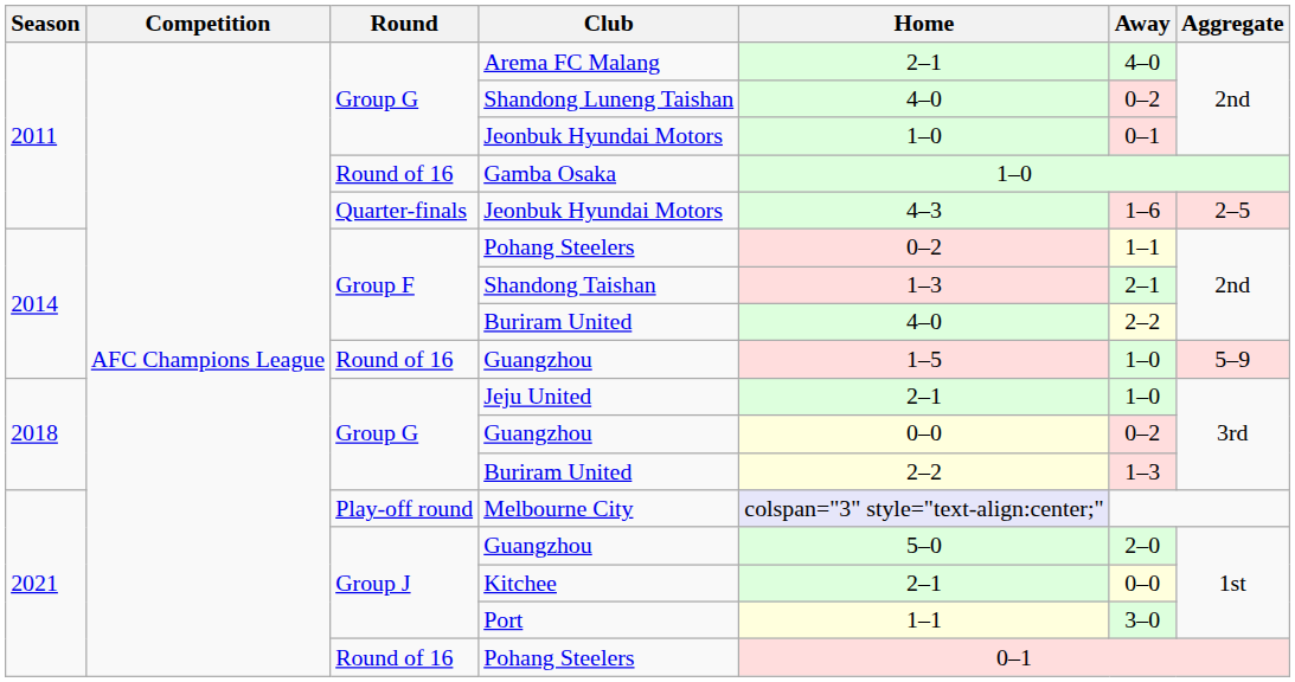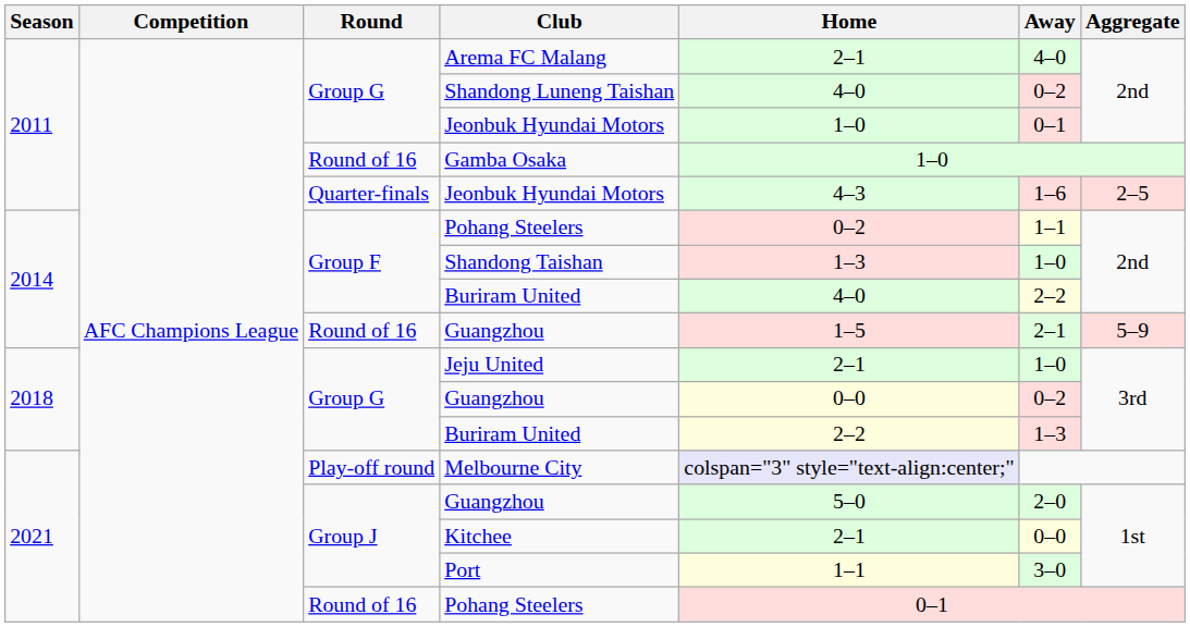 <table class="wikitable">
 <tr>
 <th>Season</th>
 <th>Competition</th>
 <th>Round</th>
 <th>Club</th>
 <th>Home</th>
 <th>Away</th>
 <th>Aggregate</th>
 </tr>
 <tr>
 <td rowspan="5"><a href='#'>2011</a></td>
 <td rowspan="17"><a href='#'>AFC Champions League</a></td>
 <td rowspan="3"><a href='#'>Group G</a></td>
 <td> <a href='#'>Arema FC Malang</a></td>
 <td bgcolor="#ddffdd" style="text-align:center;">2–1</td>
 <td bgcolor="#ddffdd" style="text-align:center;">4–0</td>
 <td rowspan="3" style="text-align:center;">2nd</td>
 </tr>
 <tr>
 <td> <a href='#'>Shandong Luneng Taishan</a></td>
 <td bgcolor="#ddffdd" style="text-align:center;">4–0</td>
 <td bgcolor="#ffdddd" style="text-align:center;">0–2</td>
 </tr>
 <tr>
 <td> <a href='#'>Jeonbuk Hyundai Motors</a></td>
 <td bgcolor="#ddffdd" style="text-align:center;">1–0</td>
 <td bgcolor="#ffdddd" style="text-align:center;">0–1</td>
 </tr>
 <tr>
 <td rowspan="1"><a href='#'>Round of 16</a></td>
 <td> <a href='#'>Gamba Osaka</a></td>
 <td colspan="3" bgcolor="#ddffdd" style="text-align:center;">1–0</td>
 </tr>
 <tr>
 <td rowspan="1"><a href='#'>Quarter-finals</a></td>
 <td> <a href='#'>Jeonbuk Hyundai Motors</a></td>
 <td bgcolor="#ddffdd" style="text-align:center;">4–3</td>
 <td bgcolor="#ffdddd" style="text-align:center;">1–6</td>
 <td bgcolor="#ffdddd" style="text-align:center;">2–5</td>
 </tr>
 <tr>
 <td rowspan="4"><a href='#'>2014</a></td>
 <td rowspan="3"><a href='#'>Group F</a></td>
 <td> <a href='#'>Pohang Steelers</a></td>
 <td bgcolor="#ffdddd" style="text-align:center;">0–2</td>
 <td bgcolor="#ffffdd" style="text-align:center;">1–1</td>
 <td rowspan="3" style="text-align:center;">2nd</td>
 </tr>
 <tr>
 <td> <a href='#'>Shandong Taishan</a></td>
 <td bgcolor="#ffdddd" style="text-align:center;">1–3</td>
-<td bgcolor="#ddffdd" style="text-align:center;">2–1</td>
+<td bgcolor="#ddffdd" style="text-align:center;">1–0</td>
 </tr>
 <tr>
 <td> <a href='#'>Buriram United</a></td>
 <td bgcolor="#ddffdd" style="text-align:center;">4–0</td>
 <td bgcolor="#ffffdd" style="text-align:center;">2–2</td>
 </tr>
 <tr>
 <td rowspan="1"><a href='#'>Round of 16</a></td>
 <td> <a href='#'>Guangzhou</a></td>
 <td bgcolor="#ffdddd" style="text-align:center;">1–5</td>
-<td bgcolor="#ddffdd" style="text-align:center;">1–0</td>
+<td bgcolor="#ddffdd" style="text-align:center;">2–1</td>
 <td bgcolor="#ffdddd" style="text-align:center;">5–9</td>
 </tr>
 <tr>
 <td rowspan="3"><a href='#'>2018</a></td>
 <td rowspan="3"><a href='#'>Group G</a></td>
 <td> <a href='#'>Jeju United</a></td>
 <td bgcolor="#ddffdd" style="text-align:center;">2–1</td>
 <td bgcolor="#ddffdd" style="text-align:center;">1–0</td>
 <td rowspan="3" style="text-align:center;">3rd</td>
 </tr>
 <tr>
 <td> <a href='#'>Guangzhou</a></td>
 <td bgcolor="#ffffdd" style="text-align:center;">0–0</td>
 <td bgcolor="#ffdddd" style="text-align:center;">0–2</td>
 </tr>
 <tr>
 <td> <a href='#'>Buriram United</a></td>
 <td bgcolor="#ffffdd" style="text-align:center;">2–2</td>
 <td bgcolor="#ffdddd" style="text-align:center;">1–3</td>
 </tr>
 <tr>
 <td rowspan="5"><a href='#'>2021</a></td>
 <td rowspan="1"><a href='#'>Play-off round</a></td>
 <td> <a href='#'>Melbourne City</a></td>
 <td style="background: lavender;">colspan="3" style="text-align:center;" </td>
 </tr>
 <tr>
 <td rowspan="3"><a href='#'>Group J</a></td>
 <td> <a href='#'>Guangzhou</a></td>
 <td bgcolor="#ddffdd" style="text-align:center;">5–0</td>
 <td bgcolor="#ddffdd" style="text-align:center;">2–0</td>
 <td rowspan="3" style="text-align:center;">1st</td>
 </tr>
 <tr>
 <td> <a href='#'>Kitchee</a></td>
 <td bgcolor="#ddffdd" style="text-align:center;">2–1</td>
 <td bgcolor="#ffffdd" style="text-align:center;">0–0</td>
 </tr>
 <tr>
 <td> <a href='#'>Port</a></td>
 <td bgcolor="#ffffdd" style="text-align:center;">1–1</td>
 <td bgcolor="#ddffdd" style="text-align:center;">3–0</td>
 </tr>
 <tr>
 <td rowspan="1"><a href='#'>Round of 16</a></td>
 <td> <a href='#'>Pohang Steelers</a></td>
 <td bgcolor="#ffdddd" colspan="3" style="text-align:center;">0–1</td>
 </tr>
 </table>
